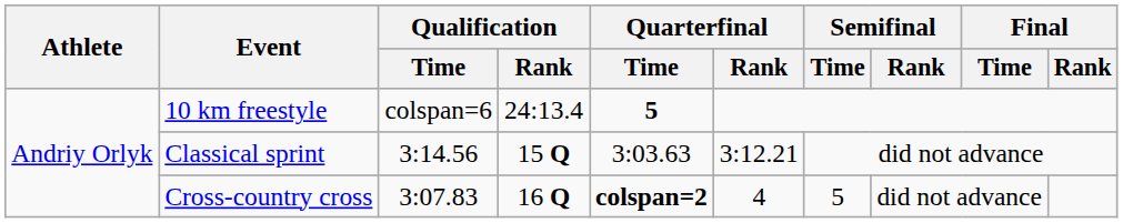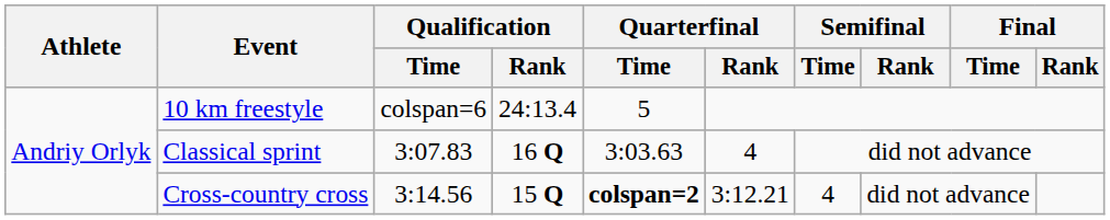 <table class="wikitable" style="font-size:90%">
 <tr>
 <th rowspan="2">Athlete</th>
 <th rowspan="2">Event</th>
 <th colspan="2">Qualification</th>
 <th colspan="2">Quarterfinal</th>
 <th colspan="2">Semifinal</th>
 <th colspan="2">Final</th>
 </tr>
 <tr style="font-size:95%">
 <th>Time</th>
 <th>Rank</th>
 <th>Time</th>
 <th>Rank</th>
 <th>Time</th>
 <th>Rank</th>
 <th>Time</th>
 <th>Rank</th>
 </tr>
 <tr align=center>
 <td align=left rowspan=3><a href='#'>Andriy Orlyk</a></td>
 <td align=left><a href='#'>10 km freestyle</a></td>
 <td>colspan=6 </td>
 <td>24:13.4</td>
-<td><strong>5</strong></td>
+<td>5</td>
 </tr>
 <tr align=center>
 <td align=left><a href='#'>Classical sprint</a></td>
-<td>3:14.56</td>
-<td>15 <strong>Q</strong></td>
+<td>3:07.83</td>
+<td>16 <strong>Q</strong></td>
 <td>3:03.63</td>
-<td>3:12.21</td>
+<td>4</td>
 <td colspan=4>did not advance</td>
 </tr>
 <tr align=center>
 <td align=left><a href='#'>Cross-country cross</a></td>
-<td>3:07.83</td>
-<td>16 <strong>Q</strong></td>
+<td>3:14.56</td>
+<td>15 <strong>Q</strong></td>
 <td><strong>colspan=2 </strong></td>
+<td>3:12.21</td>
 <td>4</td>
-<td>5</td>
 <td colspan=2>did not advance</td>
 </tr>
 </table>
